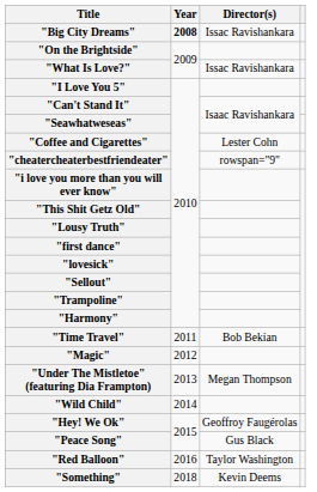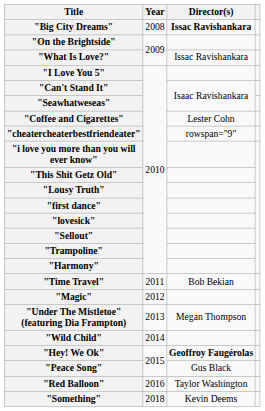 <table class="wikitable plainrowheaders" style="text-align:center;">
 <tr>
 <th scope="col" style="width:14em;">Title</th>
 <th scope="col">Year</th>
 <th scope="col">Director(s)</th>
 <th scope="col"></th>
 </tr>
 <tr>
 <th scope="row">"Big City Dreams"</th>
-<td><strong>2008</strong></td>
-<td>Issac Ravishankara</td>
+<td>2008</td>
+<td><strong>Issac Ravishankara</strong></td>
 <td></td>
 </tr>
 <tr>
 <th scope="row">"On the Brightside"</th>
 <td rowspan="2">2009</td>
 <td></td>
 <td></td>
 </tr>
 <tr>
 <th scope="row">"What Is Love?"</th>
 <td>Issac Ravishankara</td>
 <td></td>
 </tr>
 <tr>
 <th scope="row">"I Love You 5"</th>
 <td rowspan="13">2010</td>
 <td></td>
 <td></td>
 </tr>
 <tr>
 <th scope="row">"Can't Stand It"</th>
 <td rowspan="2">Isaac Ravishankara</td>
 <td></td>
 </tr>
 <tr>
 <th scope="row">"Seawhatweseas"</th>
 <td></td>
 </tr>
 <tr>
 <th scope="row">"Coffee and Cigarettes"</th>
 <td>Lester Cohn</td>
 <td></td>
 </tr>
 <tr>
 <th scope="row">"cheatercheaterbestfriendeater"</th>
 <td>rowspan="9" </td>
 <td></td>
 </tr>
 <tr>
 <th scope="row">"i love you more than you will ever know"</th>
 <td></td>
 </tr>
 <tr>
 <th scope="row">"This Shit Getz Old"</th>
 <td></td>
 </tr>
 <tr>
 <th scope="row">"Lousy Truth"</th>
 <td></td>
 </tr>
 <tr>
 <th scope="row">"first dance"</th>
 <td></td>
 </tr>
 <tr>
 <th scope="row">"lovesick"</th>
 <td></td>
 </tr>
 <tr>
 <th scope="row">"Sellout"</th>
 <td></td>
 </tr>
 <tr>
 <th scope="row">"Trampoline"</th>
 <td></td>
 </tr>
 <tr>
 <th scope="row">"Harmony"</th>
 <td></td>
 </tr>
 <tr>
 <th scope="row">"Time Travel"</th>
 <td>2011</td>
 <td>Bob Bekian</td>
 <td></td>
 </tr>
 <tr>
 <th scope="row">"Magic"</th>
 <td>2012</td>
 <td></td>
 <td></td>
 </tr>
 <tr>
 <th scope="row">"Under The Mistletoe"<br><span>(featuring Dia Frampton)</span></th>
 <td>2013</td>
 <td>Megan Thompson</td>
 <td></td>
 </tr>
 <tr>
 <th scope="row">"Wild Child"</th>
 <td>2014</td>
 <td></td>
 <td></td>
 </tr>
 <tr>
 <th scope="row">"Hey! We Ok"</th>
 <td rowspan="2">2015</td>
-<td>Geoffroy Faugérolas</td>
+<td><strong>Geoffroy Faugérolas</strong></td>
 <td></td>
 </tr>
 <tr>
 <th scope="row">"Peace Song"</th>
 <td>Gus Black</td>
 <td></td>
 </tr>
 <tr>
 <th scope="row">"Red Balloon"</th>
 <td>2016</td>
 <td>Taylor Washington</td>
 <td></td>
 </tr>
 <tr>
 <th scope="row">"Something"</th>
 <td>2018</td>
 <td>Kevin Deems</td>
 <td></td>
 </tr>
 </table>
